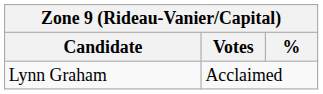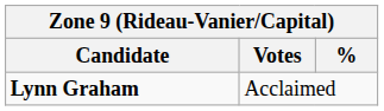 <table class="wikitable">
 <tr>
 <th colspan="3">Zone 9 (Rideau-Vanier/Capital)</th>
 </tr>
 <tr>
 <th style="width: 170px">Candidate</th>
 <th style="width: 50px">Votes</th>
 <th style="width: 40px">%</th>
 </tr>
 <tr>
-<td>Lynn Graham</td>
+<td><strong>Lynn Graham</strong></td>
 <td colspan="2">Acclaimed</td>
 </tr>
 </table>
